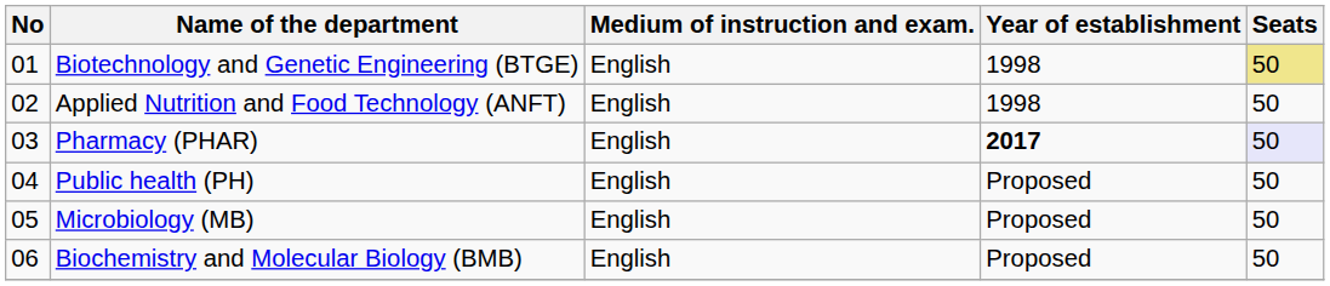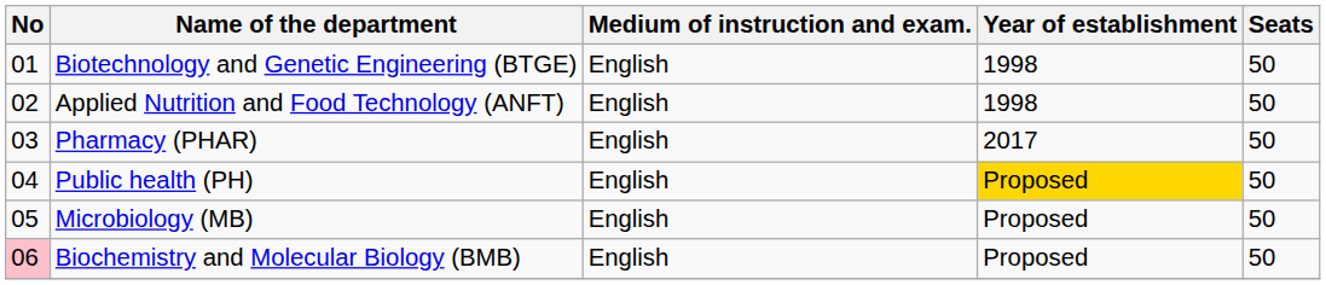 <table class="wikitable">
 <tr>
 <th>No</th>
 <th>Name of the department</th>
 <th>Medium of instruction and exam.</th>
 <th>Year of establishment</th>
 <th>Seats</th>
 </tr>
 <tr>
 <td>01</td>
 <td><a href='#'>Biotechnology</a> and <a href='#'>Genetic Engineering</a> (BTGE)</td>
 <td>English</td>
 <td>1998</td>
-<td style="background: khaki;">50</td>
+<td>50</td>
 </tr>
 <tr>
 <td>02</td>
 <td>Applied <a href='#'>Nutrition</a> and <a href='#'>Food Technology</a> (ANFT)</td>
 <td>English</td>
 <td>1998</td>
 <td>50</td>
 </tr>
 <tr>
 <td>03</td>
 <td><a href='#'>Pharmacy</a> (PHAR)</td>
 <td>English</td>
-<td><strong>2017</strong></td>
-<td style="background: lavender;">50</td>
+<td>2017</td>
+<td>50</td>
 </tr>
 <tr>
 <td>04</td>
 <td><a href='#'>Public health</a> (PH)</td>
 <td>English</td>
-<td>Proposed</td>
+<td style="background: gold;">Proposed</td>
 <td>50</td>
 </tr>
 <tr>
 <td>05</td>
 <td><a href='#'>Microbiology</a> (MB)</td>
 <td>English</td>
 <td>Proposed</td>
 <td>50</td>
 </tr>
 <tr>
-<td>06</td>
+<td style="background: pink;">06</td>
 <td><a href='#'>Biochemistry</a> and <a href='#'>Molecular Biology</a> (BMB)</td>
 <td>English</td>
 <td>Proposed</td>
 <td>50</td>
 </tr>
 <tr>
 </tr>
 </table>
